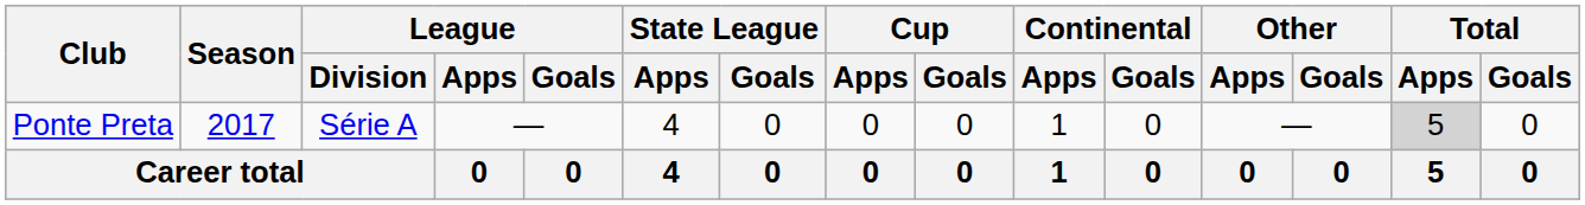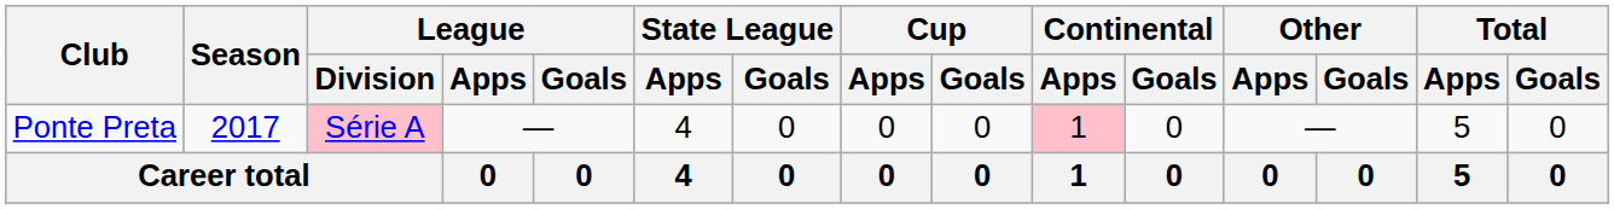 <table class="wikitable" style="text-align: center;">
 <tr>
 <th rowspan="2">Club</th>
 <th rowspan="2">Season</th>
 <th colspan="3">League</th>
 <th colspan="2">State League</th>
 <th colspan="2">Cup</th>
 <th colspan="2">Continental</th>
 <th colspan="2">Other</th>
 <th colspan="2">Total</th>
 </tr>
 <tr>
 <th>Division</th>
 <th>Apps</th>
 <th>Goals</th>
 <th>Apps</th>
 <th>Goals</th>
 <th>Apps</th>
 <th>Goals</th>
 <th>Apps</th>
 <th>Goals</th>
 <th>Apps</th>
 <th>Goals</th>
 <th>Apps</th>
 <th>Goals</th>
 </tr>
 <tr>
 <td valign="center"><a href='#'>Ponte Preta</a></td>
 <td><a href='#'>2017</a></td>
-<td><a href='#'>Série A</a></td>
+<td style="background: pink;"><a href='#'>Série A</a></td>
 <td colspan="2">—</td>
 <td>4</td>
 <td>0</td>
 <td>0</td>
 <td>0</td>
-<td>1</td>
+<td style="background: pink;">1</td>
 <td>0</td>
 <td colspan="2">—</td>
-<td style="background: lightgrey;">5</td>
+<td>5</td>
 <td>0</td>
 </tr>
 <tr>
 <th colspan="3"><strong>Career total</strong></th>
 <th>0</th>
 <th>0</th>
 <th>4</th>
 <th>0</th>
 <th>0</th>
 <th>0</th>
 <th>1</th>
 <th>0</th>
 <th>0</th>
 <th>0</th>
 <th>5</th>
 <th>0</th>
 </tr>
 </table>
